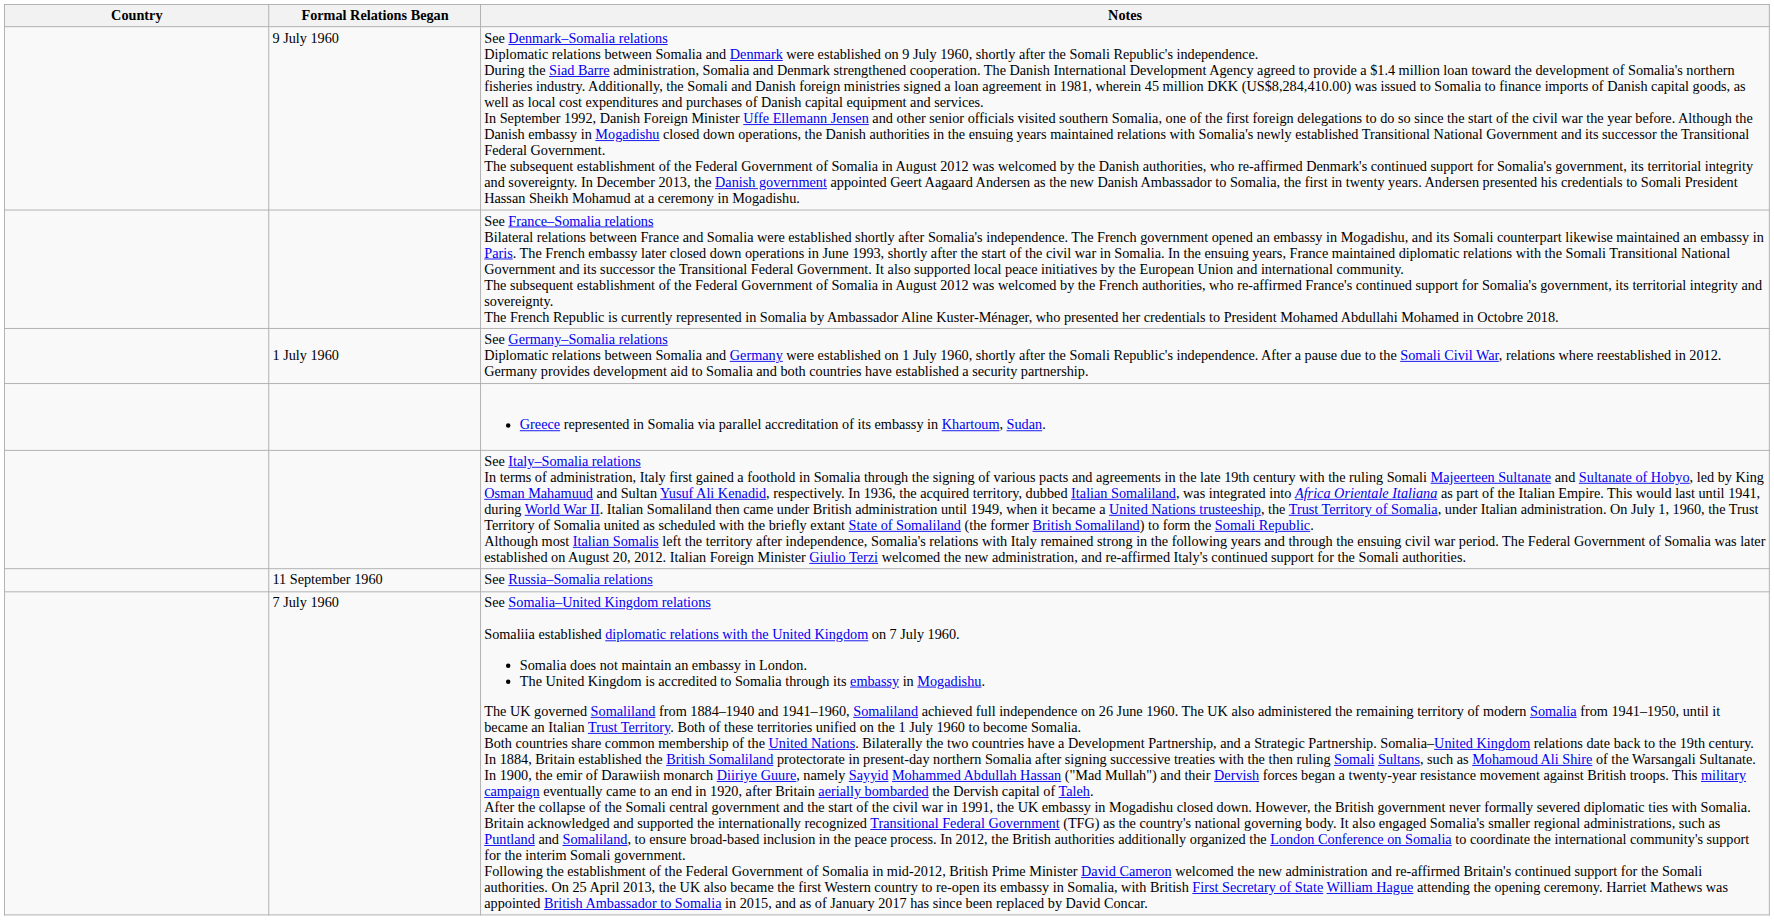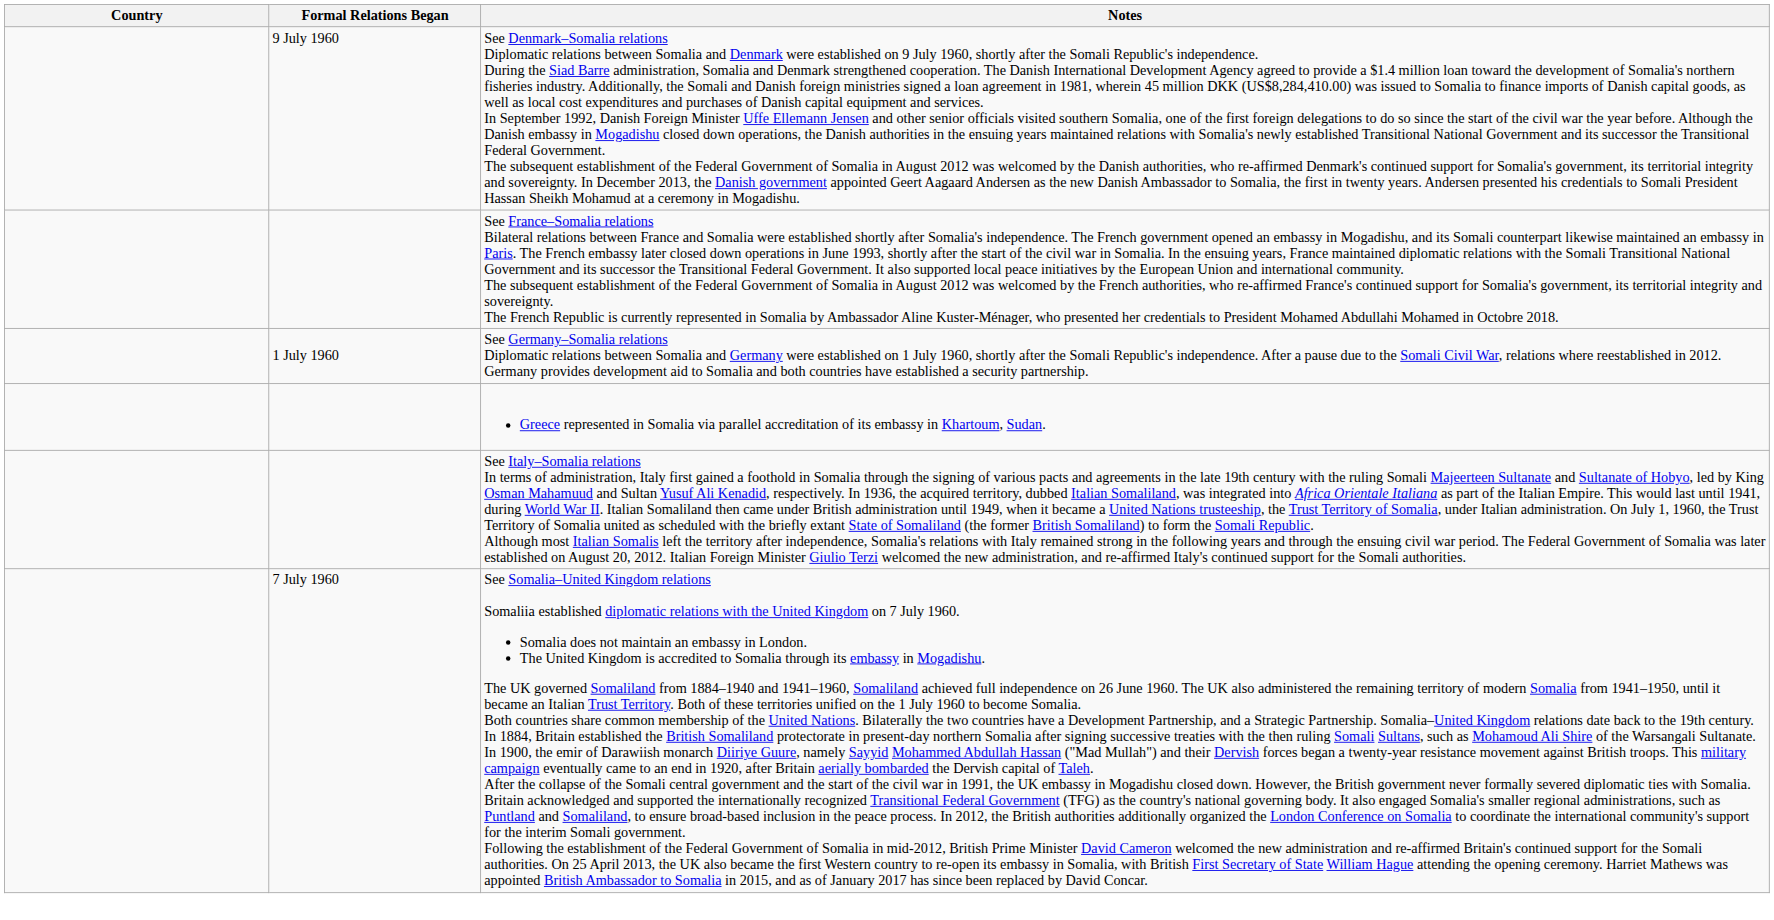 <table class="wikitable sortable" style="width:100%; margin:auto;">
 <tr>
 <th style="width:15%;">Country</th>
 <th style="width:12%;">Formal Relations Began</th>
 <th>Notes</th>
 </tr>
 <tr valign="top">
 <td></td>
 <td>9 July 1960</td>
 <td>See <a href='#'>Denmark–Somalia relations</a><br>Diplomatic relations between Somalia and <a href='#'>Denmark</a> were established on 9 July 1960, shortly after the Somali Republic's independence.<br>During the <a href='#'>Siad Barre</a> administration, Somalia and Denmark strengthened cooperation. The Danish International Development Agency agreed to provide a $1.4 million loan toward the development of Somalia's northern fisheries industry. Additionally, the Somali and Danish foreign ministries signed a loan agreement in 1981, wherein 45 million DKK (US$8,284,410.00) was issued to Somalia to finance imports of Danish capital goods, as well as local cost expenditures and purchases of Danish capital equipment and services.<br>In September 1992, Danish Foreign Minister <a href='#'>Uffe Ellemann Jensen</a> and other senior officials visited southern Somalia, one of the first foreign delegations to do so since the start of the civil war the year before. Although the Danish embassy in <a href='#'>Mogadishu</a> closed down operations, the Danish authorities in the ensuing years maintained relations with Somalia's newly established Transitional National Government and its successor the Transitional Federal Government.<br>The subsequent establishment of the Federal Government of Somalia in August 2012 was welcomed by the Danish authorities, who re-affirmed Denmark's continued support for Somalia's government, its territorial integrity and sovereignty. In December 2013, the <a href='#'>Danish government</a> appointed Geert Aagaard Andersen as the new Danish Ambassador to Somalia, the first in twenty years. Andersen presented his credentials to Somali President Hassan Sheikh Mohamud at a ceremony in Mogadishu.</td>
 </tr>
 <tr valign="top">
 <td></td>
 <td></td>
 <td>See <a href='#'>France–Somalia relations</a><br> Bilateral relations between France and Somalia were established shortly after Somalia's independence. The French government opened an embassy in Mogadishu, and its Somali counterpart likewise maintained an embassy in <a href='#'>Paris</a>. The French embassy later closed down operations in June 1993, shortly after the start of the civil war in Somalia. In the ensuing years, France maintained diplomatic relations with the Somali Transitional National Government and its successor the Transitional Federal Government. It also supported local peace initiatives by the European Union and international community.<br>The subsequent establishment of the Federal Government of Somalia in August 2012 was welcomed by the French authorities, who re-affirmed France's continued support for Somalia's government, its territorial integrity and sovereignty.<br>The French Republic is currently represented in Somalia by Ambassador Aline Kuster-Ménager, who presented her credentials to President Mohamed Abdullahi Mohamed in Octobre 2018.</td>
 </tr>
 <tr>
 <td></td>
 <td>1 July 1960</td>
 <td>See <a href='#'>Germany–Somalia relations</a><br>Diplomatic relations between Somalia and <a href='#'>Germany</a> were established on 1 July 1960, shortly after the Somali Republic's independence. After a pause due to the <a href='#'>Somali Civil War</a>, relations where reestablished in 2012. Germany provides development aid to Somalia and both countries have established a security partnership.</td>
 </tr>
 <tr valign="top">
 <td></td>
 <td></td>
 <td><br><ul><li><a href='#'>Greece</a> represented in Somalia via parallel accreditation of its embassy in <a href='#'>Khartoum</a>, <a href='#'>Sudan</a>.</li></ul></td>
 </tr>
 <tr valign="top">
 <td></td>
 <td></td>
 <td>See <a href='#'>Italy–Somalia relations</a><br>In terms of administration, Italy first gained a foothold in Somalia through the signing of various pacts and agreements in the late 19th century with the ruling Somali <a href='#'>Majeerteen Sultanate</a> and <a href='#'>Sultanate of Hobyo</a>, led by King <a href='#'>Osman Mahamuud</a> and Sultan <a href='#'>Yusuf Ali Kenadid</a>, respectively. In 1936, the acquired territory, dubbed <a href='#'>Italian Somaliland</a>, was integrated into <em><a href='#'>Africa Orientale Italiana</a></em> as part of the Italian Empire. This would last until 1941, during <a href='#'>World War II</a>. Italian Somaliland then came under British administration until 1949, when it became a <a href='#'>United Nations trusteeship</a>, the <a href='#'>Trust Territory of Somalia</a>, under Italian administration. On July 1, 1960, the Trust Territory of Somalia united as scheduled with the briefly extant <a href='#'>State of Somaliland</a> (the former <a href='#'>British Somaliland</a>) to form the <a href='#'>Somali Republic</a>.<br>Although most <a href='#'>Italian Somalis</a> left the territory after independence, Somalia's relations with Italy remained strong in the following years and through the ensuing civil war period. The Federal Government of Somalia was later established on August 20, 2012. Italian Foreign Minister <a href='#'>Giulio Terzi</a> welcomed the new administration, and re-affirmed Italy's continued support for the Somali authorities.</td>
 </tr>
-<tr>
-<td></td>
-<td>11 September 1960</td>
-<td>See <a href='#'>Russia–Somalia relations</a></td>
-</tr>
 <tr valign="top">
 <td></td>
 <td>7 July 1960</td>
 <td>See <a href='#'>Somalia–United Kingdom relations</a><br><br>Somaliia established <a href='#'>diplomatic relations with the United Kingdom</a> on 7 July 1960.<ul><li>Somalia does not maintain an embassy in London.</li><li>The United Kingdom is accredited to Somalia through its <a href='#'>embassy</a> in <a href='#'>Mogadishu</a>.</li></ul>The UK governed <a href='#'>Somaliland</a> from 1884–1940 and 1941–1960, <a href='#'>Somaliland</a> achieved full independence on 26 June 1960. The UK also administered the remaining territory of modern <a href='#'>Somalia</a> from 1941–1950, until it became an Italian <a href='#'>Trust Territory</a>. Both of these territories unified on the 1 July 1960 to become Somalia.<br>Both countries share common membership of the <a href='#'>United Nations</a>. Bilaterally the two countries have a Development Partnership, and a Strategic Partnership. Somalia–<a href='#'>United Kingdom</a> relations date back to the 19th century. In 1884, Britain established the <a href='#'>British Somaliland</a> protectorate in present-day northern Somalia after signing successive treaties with the then ruling <a href='#'>Somali</a> <a href='#'>Sultans</a>, such as <a href='#'>Mohamoud Ali Shire</a> of the Warsangali Sultanate. In 1900, the emir of Darawiish monarch <a href='#'>Diiriye Guure</a>, namely <a href='#'>Sayyid</a> <a href='#'>Mohammed Abdullah Hassan</a> ("Mad Mullah") and their <a href='#'>Dervish</a> forces began a twenty-year resistance movement against British troops. This <a href='#'>military campaign</a> eventually came to an end in 1920, after Britain <a href='#'>aerially bombarded</a> the Dervish capital of <a href='#'>Taleh</a>.<br>After the collapse of the Somali central government and the start of the civil war in 1991, the UK embassy in Mogadishu closed down. However, the British government never formally severed diplomatic ties with Somalia. Britain acknowledged and supported the internationally recognized <a href='#'>Transitional Federal Government</a> (TFG) as the country's national governing body. It also engaged Somalia's smaller regional administrations, such as <a href='#'>Puntland</a> and <a href='#'>Somaliland</a>, to ensure broad-based inclusion in the peace process. In 2012, the British authorities additionally organized the <a href='#'>London Conference on Somalia</a> to coordinate the international community's support for the interim Somali government.<br>Following the establishment of the Federal Government of Somalia in mid-2012, British Prime Minister <a href='#'>David Cameron</a> welcomed the new administration and re-affirmed Britain's continued support for the Somali authorities. On 25 April 2013, the UK also became the first Western country to re-open its embassy in Somalia, with British <a href='#'>First Secretary of State</a> <a href='#'>William Hague</a> attending the opening ceremony. Harriet Mathews was appointed <a href='#'>British Ambassador to Somalia</a> in 2015, and as of January 2017 has since been replaced by David Concar.</td>
 </tr>
 </table>
